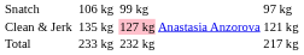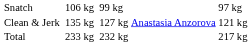 <table>
 <tr>
 <td>Snatch</td>
 <td></td>
 <td>106 kg</td>
 <td></td>
 <td>99 kg</td>
 <td></td>
 <td>97 kg</td>
 </tr>
 <tr>
 <td>Clean & Jerk</td>
 <td></td>
 <td>135 kg</td>
 <td></td>
-<td style="background: pink;">127 kg</td>
+<td>127 kg</td>
 <td> <a href='#'>Anastasia Anzorova</a> </td>
 <td>121 kg</td>
 </tr>
 <tr>
 <td>Total</td>
 <td></td>
 <td>233 kg</td>
 <td></td>
 <td>232 kg</td>
 <td></td>
 <td>217 kg</td>
 </tr>
 </table>
